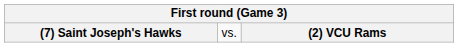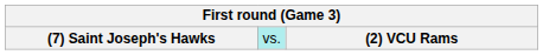 <table class="wikitable">
 <tr>
 <th style="width: 594px;" colspan=3>First round (Game 3)</th>
 </tr>
 <tr>
 <th style="width: 284px; ">(7) Saint Joseph's Hawks</th>
-<td style="width: 25px; text-align:center">vs.</td>
+<td style="background: paleturquoise; width: 25px; text-align:center">vs.</td>
 <th style="width: 284px; ">(2) VCU Rams</th>
 </tr>
 </table>
